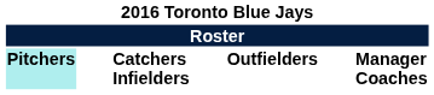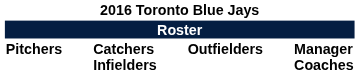 <table class="toccolours" style="font-size: 95%;">
 <tr http://upload.wikimedia.org/wikipedia/en/c/c8/Button_redirect.png>
 <th colspan="10">2016 Toronto Blue Jays</th>
 </tr>
 <tr>
 <td colspan="10" style="background:#041E42; color:white; text-align:center;"><strong>Roster</strong></td>
 </tr>
 <tr>
-<td valign="top" style="background: paleturquoise;"><strong>Pitchers</strong><br>                          </td>
+<td valign="top"><strong>Pitchers</strong><br>                          </td>
 <td style="width:25px;"></td>
 <td valign="top"><strong>Catchers</strong><br>   <strong>Infielders</strong>           </td>
 <td style="width:25px;"></td>
 <td valign="top"><strong>Outfielders</strong><br>       </td>
 <td style="width:25px;"></td>
 <td valign="top"><strong>Manager</strong><br> <strong>Coaches</strong>                  </td>
 </tr>
 </table>
